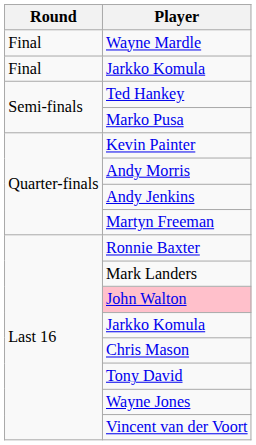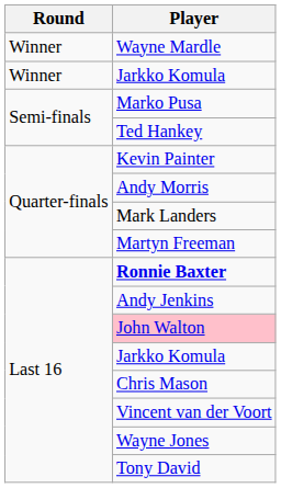 <table class="wikitable">
 <tr>
 <th>Round</th>
 <th>Player</th>
 </tr>
 <tr>
-<td rowspan="1">Final</td>
+<td rowspan="1">Winner</td>
 <td> <a href='#'>Wayne Mardle</a></td>
 </tr>
 <tr>
-<td rowspan="1">Final</td>
+<td rowspan="1">Winner</td>
 <td> <a href='#'>Jarkko Komula</a></td>
 </tr>
 <tr>
 <td rowspan="2">Semi-finals</td>
-<td> <a href='#'>Ted Hankey</a></td>
+<td> <a href='#'>Marko Pusa</a></td>
 </tr>
 <tr>
-<td> <a href='#'>Marko Pusa</a></td>
+<td> <a href='#'>Ted Hankey</a></td>
 </tr>
 <tr>
 <td rowspan="4">Quarter-finals</td>
 <td> <a href='#'>Kevin Painter</a></td>
 </tr>
 <tr>
 <td> <a href='#'>Andy Morris</a></td>
 </tr>
 <tr>
-<td> <a href='#'>Andy Jenkins</a></td>
+<td> Mark Landers</td>
 </tr>
 <tr>
 <td> <a href='#'>Martyn Freeman</a></td>
 </tr>
 <tr>
 <td rowspan=8>Last 16</td>
-<td> <a href='#'>Ronnie Baxter</a></td>
+<td><strong> <a href='#'>Ronnie Baxter</a></strong></td>
 </tr>
 <tr>
-<td> Mark Landers</td>
+<td> <a href='#'>Andy Jenkins</a></td>
 </tr>
 <tr>
 <td style="background: pink;"> <a href='#'>John Walton</a></td>
 </tr>
 <tr>
 <td> <a href='#'>Jarkko Komula</a></td>
 </tr>
 <tr>
 <td> <a href='#'>Chris Mason</a></td>
 </tr>
 <tr>
-<td> <a href='#'>Tony David</a></td>
+<td> <a href='#'>Vincent van der Voort</a></td>
 </tr>
 <tr>
 <td> <a href='#'>Wayne Jones</a></td>
 </tr>
 <tr>
-<td> <a href='#'>Vincent van der Voort</a></td>
+<td> <a href='#'>Tony David</a></td>
 </tr>
 </table>
